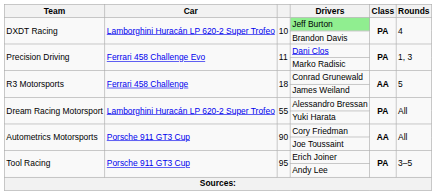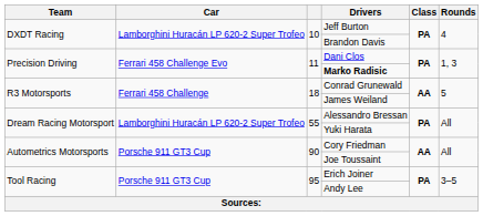 <table class="wikitable" style="font-size: 85%;">
 <tr>
 <th>Team</th>
 <th>Car</th>
 <th></th>
 <th>Drivers</th>
 <th>Class</th>
 <th>Rounds</th>
 </tr>
 <tr>
 <td rowspan=2> DXDT Racing</td>
 <td rowspan=2><a href='#'>Lamborghini Huracán LP 620-2 Super Trofeo</a></td>
 <td rowspan=2>10</td>
-<td style="background: lightgreen;"> Jeff Burton</td>
+<td> Jeff Burton</td>
 <td rowspan=2 align=center><strong><span>PA</span></strong></td>
 <td rowspan=2>4</td>
 </tr>
 <tr>
 <td> Brandon Davis</td>
 </tr>
 <tr>
 <td rowspan=2> Precision Driving</td>
 <td rowspan=2><a href='#'>Ferrari 458 Challenge Evo</a></td>
 <td rowspan=2>11</td>
 <td> <a href='#'>Dani Clos</a></td>
 <td rowspan=2 align=center><strong><span>PA</span></strong></td>
 <td rowspan=2>1, 3</td>
 </tr>
 <tr>
-<td> Marko Radisic</td>
+<td><strong> Marko Radisic</strong></td>
 </tr>
 <tr>
 <td rowspan=2> R3 Motorsports</td>
 <td rowspan=2><a href='#'>Ferrari 458 Challenge</a></td>
 <td rowspan=2>18</td>
 <td> Conrad Grunewald</td>
 <td rowspan=2 align=center><strong><span>AA</span></strong></td>
 <td rowspan=2>5</td>
 </tr>
 <tr>
 <td> James Weiland</td>
 </tr>
 <tr>
 <td rowspan=2> Dream Racing Motorsport</td>
 <td rowspan=2><a href='#'>Lamborghini Huracán LP 620-2 Super Trofeo</a></td>
 <td rowspan=2>55</td>
 <td> Alessandro Bressan</td>
 <td rowspan=2 align=center><strong><span>PA</span></strong></td>
 <td rowspan=2>All</td>
 </tr>
 <tr>
 <td> Yuki Harata</td>
 </tr>
 <tr>
 <td rowspan=2> Autometrics Motorsports</td>
 <td rowspan=2><a href='#'>Porsche 911 GT3 Cup</a></td>
 <td rowspan=2>90</td>
 <td> Cory Friedman</td>
 <td rowspan=2 align=center><strong><span>AA</span></strong></td>
 <td rowspan=2>All</td>
 </tr>
 <tr>
 <td> Joe Toussaint</td>
 </tr>
 <tr>
 <td rowspan=2> Tool Racing</td>
 <td rowspan=2><a href='#'>Porsche 911 GT3 Cup</a></td>
 <td rowspan=2>95</td>
 <td> Erich Joiner</td>
 <td rowspan=2 align=center><strong><span>PA</span></strong></td>
 <td rowspan=2>3–5</td>
 </tr>
 <tr>
 <td> Andy Lee</td>
 </tr>
 <tr>
 <th colspan=6>Sources:</th>
 </tr>
 </table>
